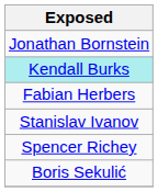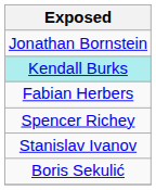 <table class="wikitable" style="text-align:center">
 <tr>
 <th>Exposed</th>
 </tr>
 <tr>
 <td><a href='#'>Jonathan Bornstein</a></td>
 </tr>
 <tr>
 <td style="background: paleturquoise;"><a href='#'>Kendall Burks</a></td>
 </tr>
 <tr>
 <td><a href='#'>Fabian Herbers</a></td>
 </tr>
 <tr>
-<td><a href='#'>Stanislav Ivanov</a></td>
+<td><a href='#'>Spencer Richey</a></td>
 </tr>
 <tr>
-<td><a href='#'>Spencer Richey</a></td>
+<td><a href='#'>Stanislav Ivanov</a></td>
 </tr>
 <tr>
 <td><a href='#'>Boris Sekulić</a></td>
 </tr>
 <tr>
 </tr>
 </table>
